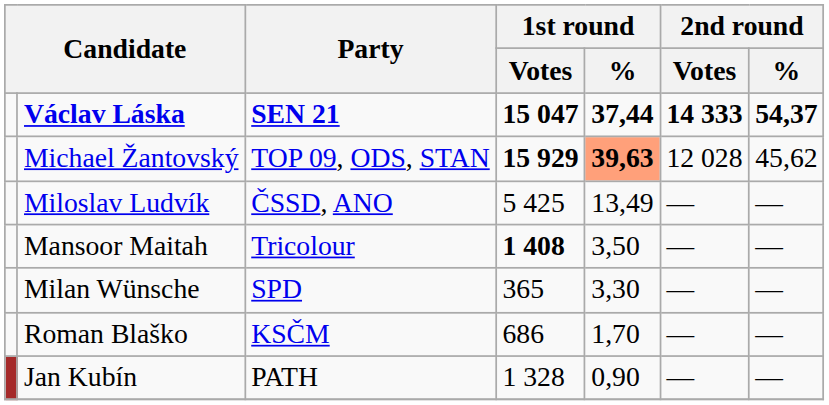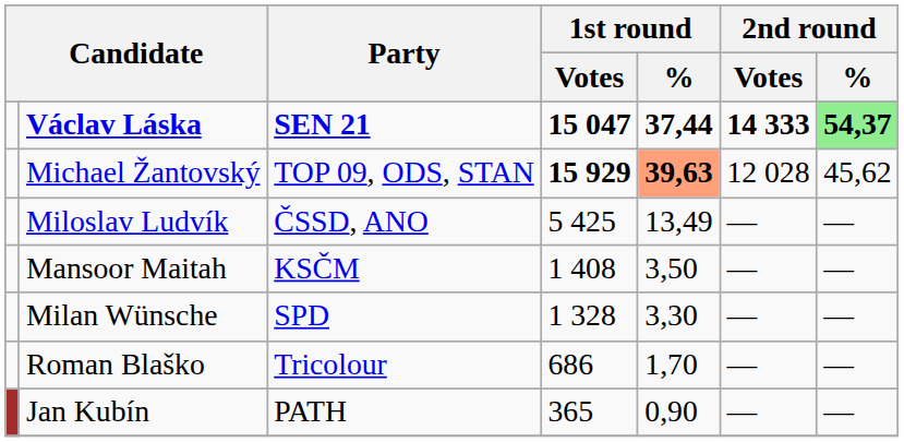 <table class="wikitable sortable">
 <tr>
 <th colspan="2" rowspan="2">Candidate</th>
 <th rowspan="2">Party</th>
 <th colspan="2">1st round</th>
 <th colspan="2">2nd round</th>
 </tr>
 <tr>
 <th>Votes</th>
 <th>%</th>
 <th>Votes</th>
 <th>%</th>
 </tr>
 <tr>
 <td style="background-color:"></td>
 <td><strong><a href='#'>Václav Láska</a></strong></td>
 <td><strong><a href='#'>SEN 21</a></strong></td>
 <td><strong>15 047</strong></td>
 <td><strong>37,44</strong></td>
 <td><strong>14 333</strong></td>
-<td><strong>54,37</strong></td>
+<td style="background: lightgreen;"><strong>54,37</strong></td>
 </tr>
 <tr>
 <td style="background-color:"></td>
 <td><a href='#'>Michael Žantovský</a></td>
 <td><a href='#'>TOP 09</a>, <a href='#'>ODS</a>, <a href='#'>STAN</a></td>
 <td><strong>15 929</strong></td>
 <td style="background: lightsalmon;"><strong>39,63</strong></td>
 <td>12 028</td>
 <td>45,62</td>
 </tr>
 <tr>
 <td style="background-color:"></td>
 <td><a href='#'>Miloslav Ludvík</a></td>
 <td><a href='#'>ČSSD</a>, <a href='#'>ANO</a></td>
 <td>5 425</td>
 <td>13,49</td>
 <td>—</td>
 <td>—</td>
 </tr>
 <tr>
 <td style="background-color:"></td>
 <td>Mansoor Maitah</td>
-<td><a href='#'>Tricolour</a></td>
-<td><strong>1 408</strong></td>
+<td><a href='#'>KSČM</a></td>
+<td>1 408</td>
 <td>3,50</td>
 <td>—</td>
 <td>—</td>
 </tr>
 <tr>
 <td style="background-color:"></td>
 <td>Milan Wünsche</td>
 <td><a href='#'>SPD</a></td>
-<td>365</td>
+<td>1 328</td>
 <td>3,30</td>
 <td>—</td>
 <td>—</td>
 </tr>
 <tr>
 <td style="background-color:"></td>
 <td>Roman Blaško</td>
-<td><a href='#'>KSČM</a></td>
+<td><a href='#'>Tricolour</a></td>
 <td>686</td>
 <td>1,70</td>
 <td>—</td>
 <td>—</td>
 </tr>
 <tr>
 <td style="background-color:brown"></td>
 <td>Jan Kubín</td>
 <td>PATH</td>
-<td>1 328</td>
+<td>365</td>
 <td>0,90</td>
 <td>—</td>
 <td>—</td>
 </tr>
 <tr>
 </tr>
 </table>
